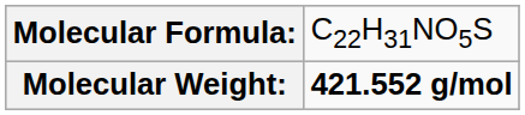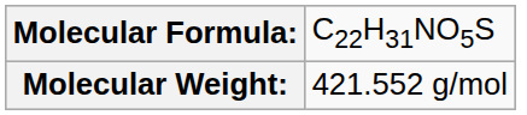 <table class="wikitable">
 <tr>
 <th>Molecular Formula:</th>
 <td>C<sub>22</sub>H<sub>31</sub>NO<sub>5</sub>S</td>
 </tr>
 <tr>
 <th>Molecular Weight:</th>
-<td><strong>421.552 g/mol</strong></td>
+<td>421.552 g/mol</td>
 </tr>
 </table>
